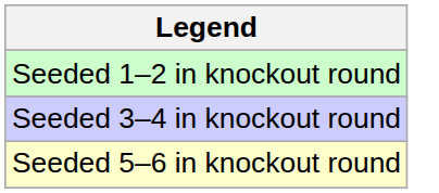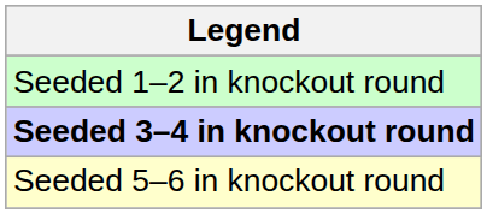 <table class="wikitable">
 <tr>
 <th>Legend</th>
 </tr>
 <tr bgcolor=ccffcc>
 <td>Seeded 1–2 in knockout round</td>
 </tr>
 <tr bgcolor=ccccff>
-<td>Seeded 3–4 in knockout round</td>
+<td><strong>Seeded 3–4 in knockout round</strong></td>
 </tr>
 <tr bgcolor=ffffcc>
 <td>Seeded 5–6 in knockout round</td>
 </tr>
 </table>
